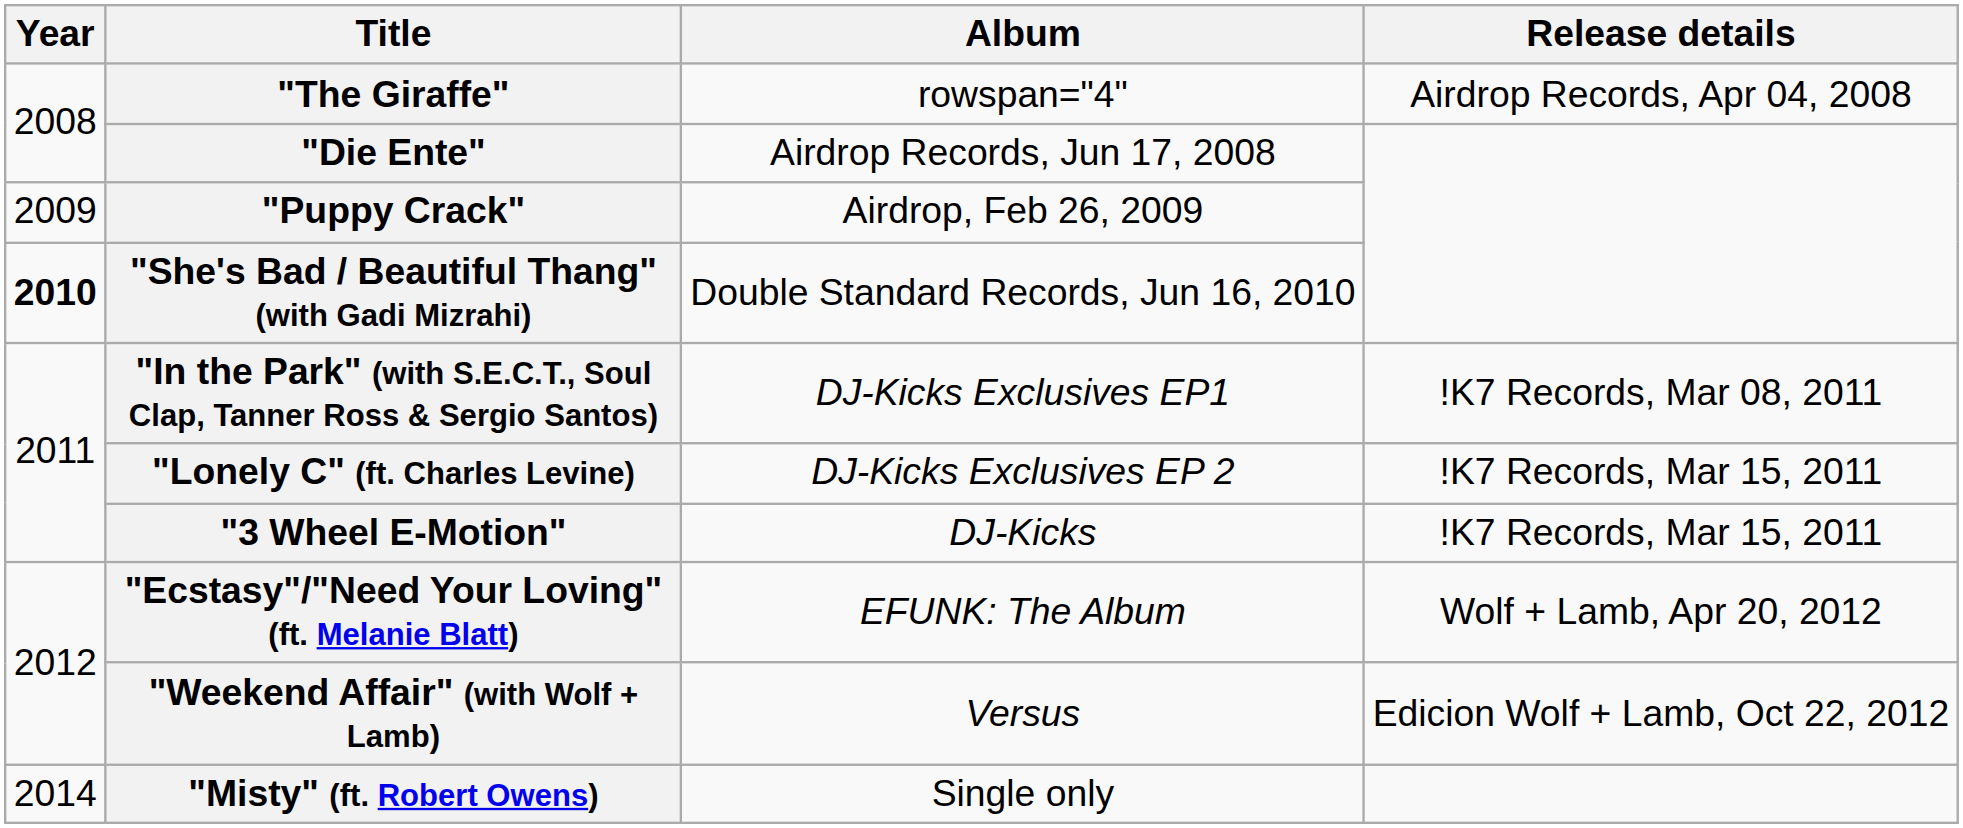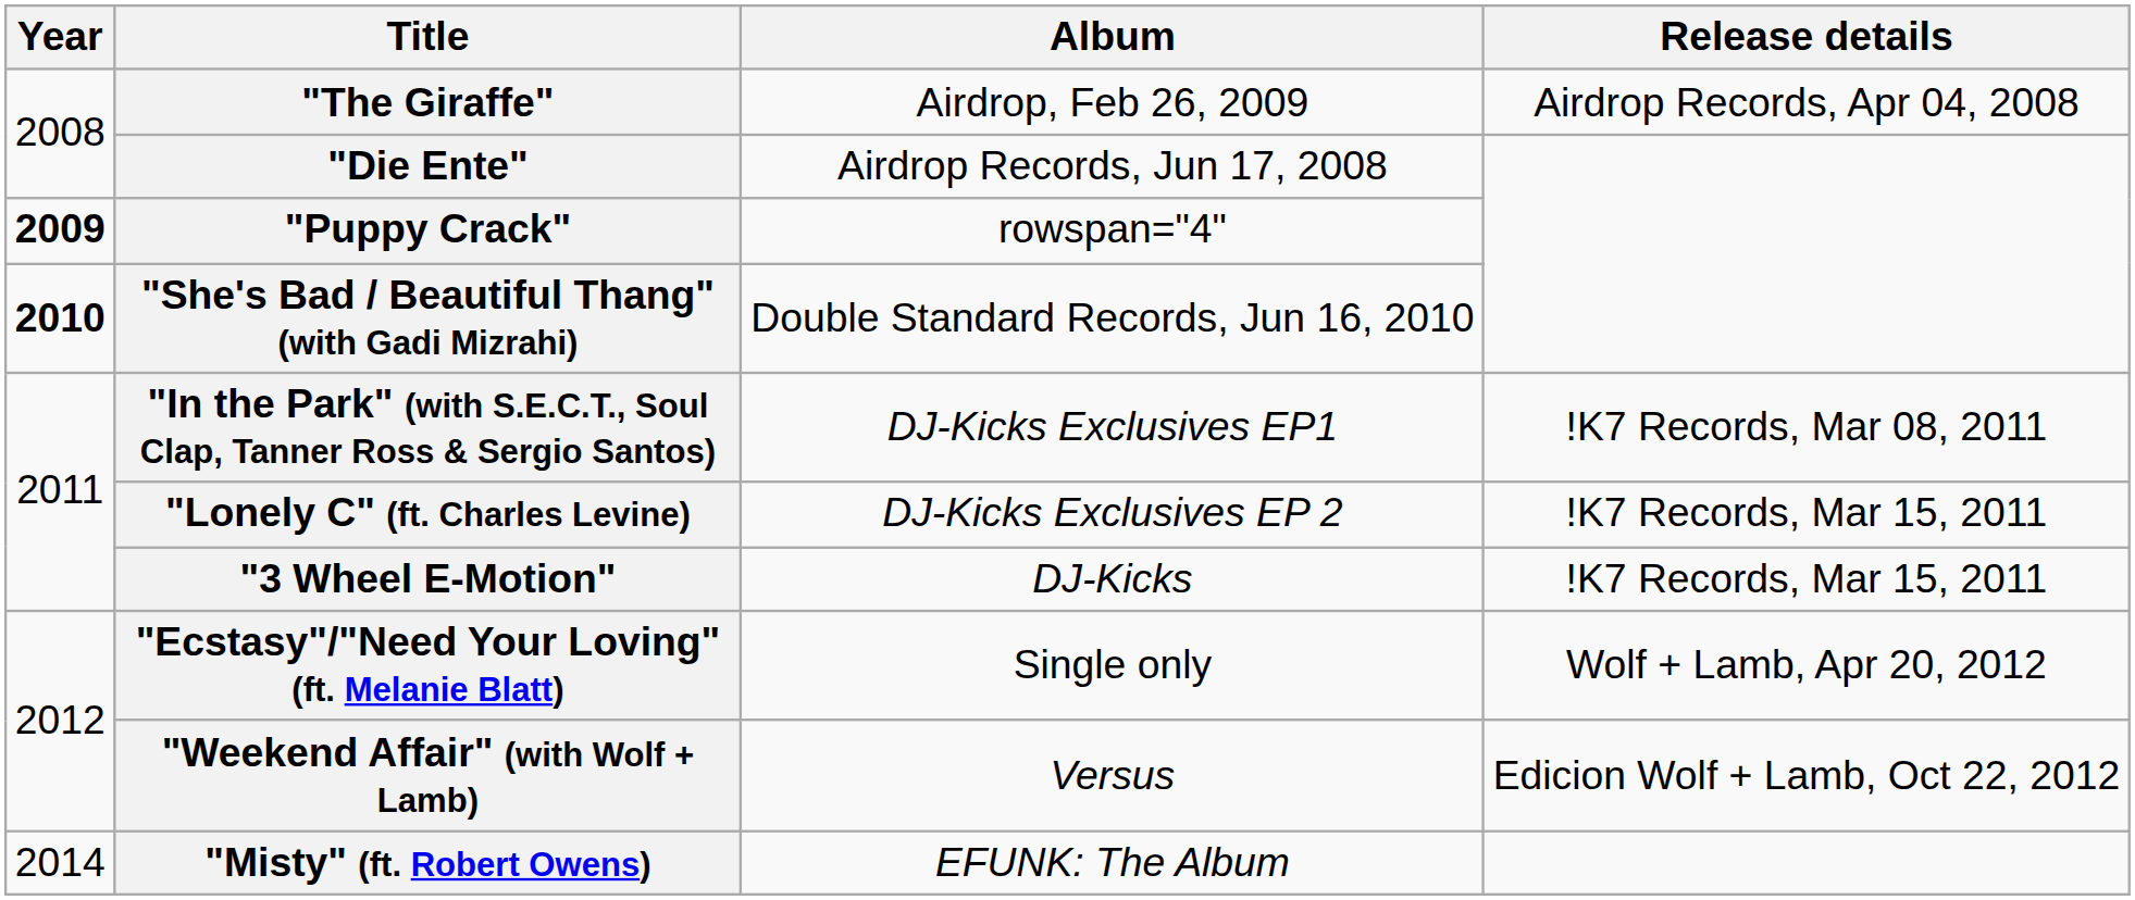 <table class="wikitable plainrowheaders" style="text-align:center;">
 <tr>
 <th scope="col" rowspan="1">Year</th>
 <th scope="col" rowspan="1"  style="width:15em;">Title</th>
 <th scope="col" rowspan="1">Album</th>
 <th scope="col" rowspan="1">Release details</th>
 </tr>
 <tr>
 <td rowspan="2">2008</td>
 <th scope="row">"The Giraffe"</th>
-<td>rowspan="4" </td>
+<td>Airdrop, Feb 26, 2009</td>
 <td>Airdrop Records, Apr 04, 2008</td>
 </tr>
 <tr>
 <th scope="row">"Die Ente"</th>
 <td>Airdrop Records, Jun 17, 2008</td>
 </tr>
 <tr>
-<td rowspan="1">2009</td>
+<td rowspan="1"><strong>2009</strong></td>
 <th scope="row">"Puppy Crack"</th>
-<td>Airdrop, Feb 26, 2009</td>
+<td>rowspan="4" </td>
 </tr>
 <tr>
 <td rowspan="1"><strong>2010</strong></td>
 <th scope="row">"She's Bad / Beautiful Thang"<br><small>(with Gadi Mizrahi)</small></th>
 <td>Double Standard Records, Jun 16, 2010</td>
 </tr>
 <tr>
 <td rowspan="3">2011</td>
 <th scope="row">"In the Park" <small>(with S.E.C.T., Soul Clap, Tanner Ross & Sergio Santos)</small></th>
 <td><em>DJ-Kicks Exclusives EP1</em></td>
 <td>!K7 Records, Mar 08, 2011</td>
 </tr>
 <tr>
 <th scope="row">"Lonely C" <small>(ft. Charles Levine)</small></th>
 <td><em>DJ-Kicks Exclusives EP 2</em></td>
 <td>!K7 Records, Mar 15, 2011</td>
 </tr>
 <tr>
 <th scope="row">"3 Wheel E-Motion"</th>
 <td><em>DJ-Kicks</em></td>
 <td>!K7 Records, Mar 15, 2011</td>
 </tr>
 <tr>
 <td rowspan="2">2012</td>
 <th scope="row">"Ecstasy"/"Need Your Loving"<br><small>(ft. <a href='#'>Melanie Blatt</a>)</small></th>
-<td><em> EFUNK: The Album</em></td>
+<td>Single only</td>
 <td>Wolf + Lamb, Apr 20, 2012</td>
 </tr>
 <tr>
 <th scope="row">"Weekend Affair" <small>(with Wolf + Lamb)</small></th>
 <td><em>Versus</em></td>
 <td>Edicion Wolf + Lamb, Oct 22, 2012</td>
 </tr>
 <tr>
 <td rowspan="1">2014</td>
 <th scope="row">"Misty" <small>(ft. <a href='#'>Robert Owens</a>)</small></th>
-<td>Single only</td>
+<td><em> EFUNK: The Album</em></td>
 <td></td>
 </tr>
 <tr>
 </tr>
 </table>
